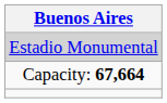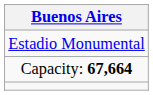 <table class="wikitable" style="text-align:center">
 <tr>
 <th><a href='#'>Buenos Aires</a></th>
 </tr>
 <tr>
-<td style="background: lightgrey;"><a href='#'>Estadio Monumental</a></td>
+<td><a href='#'>Estadio Monumental</a></td>
 </tr>
 <tr>
 <td>Capacity: <strong>67,664</strong></td>
 </tr>
 <tr>
 <td></td>
 </tr>
 </table>
